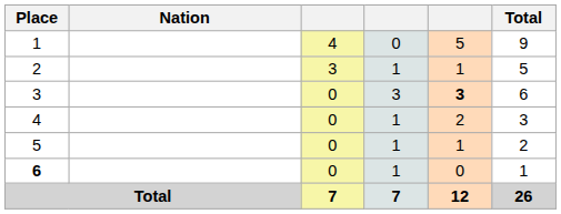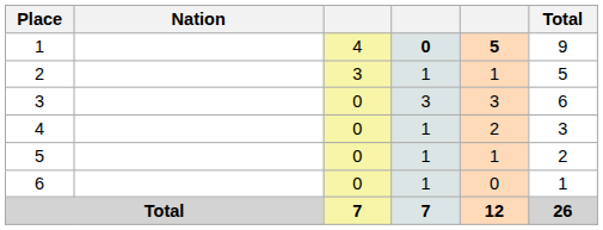 <table class=wikitable style="border:1px solid #AAAAAA;font-size:90%">
 <tr bgcolor="#EFEFEF">
 <th width=50>Place</th>
 <th width=200>Nation</th>
 <th width=50></th>
 <th width=50></th>
 <th width=50></th>
 <th width=50>Total</th>
 </tr>
 <tr align="center" valign="top" bgcolor="#FFFFFF">
 <td>1</td>
 <td align="left"></td>
 <td style="background:#F7F6A8;">4</td>
-<td style="background:#DCE5E5;">0</td>
-<td style="background:#FFDAB9;">5</td>
+<td style="background:#DCE5E5;"><strong>0</strong></td>
+<td style="background:#FFDAB9;"><strong>5</strong></td>
 <td>9</td>
 </tr>
 <tr align="center" valign="top" bgcolor="#FFFFFF">
 <td>2</td>
 <td align="left"></td>
 <td style="background:#F7F6A8;">3</td>
 <td style="background:#DCE5E5;">1</td>
 <td style="background:#FFDAB9;">1</td>
 <td>5</td>
 </tr>
 <tr align="center" valign="top" bgcolor="#FFFFFF">
 <td>3</td>
 <td align="left"></td>
 <td style="background:#F7F6A8;">0</td>
 <td style="background:#DCE5E5;">3</td>
-<td style="background:#FFDAB9;"><strong>3</strong></td>
+<td style="background:#FFDAB9;">3</td>
 <td>6</td>
 </tr>
 <tr align="center" valign="top" bgcolor="#FFFFFF">
 <td>4</td>
 <td align="left"></td>
 <td style="background:#F7F6A8;">0</td>
 <td style="background:#DCE5E5;">1</td>
 <td style="background:#FFDAB9;">2</td>
 <td>3</td>
 </tr>
 <tr align="center" valign="top" bgcolor="#FFFFFF">
 <td>5</td>
 <td align="left"></td>
 <td style="background:#F7F6A8;">0</td>
 <td style="background:#DCE5E5;">1</td>
 <td style="background:#FFDAB9;">1</td>
 <td>2</td>
 </tr>
 <tr align="center" valign="top" bgcolor="#FFFFFF">
-<td><strong>6</strong></td>
+<td>6</td>
 <td align="left"></td>
 <td style="background:#F7F6A8;">0</td>
 <td style="background:#DCE5E5;">1</td>
 <td style="background:#FFDAB9;">0</td>
 <td>1</td>
 </tr>
 <tr align="center">
 <td colspan="2" bgcolor=D3D3D3><strong>Total</strong></td>
 <td style="background:#F7F6A8;"><strong>7</strong></td>
 <td style="background:#DCE5E5;"><strong>7</strong></td>
 <td style="background:#FFDAB9;"><strong>12</strong></td>
 <td bgcolor=D3D3D3><strong>26</strong></td>
 </tr>
 </table>
